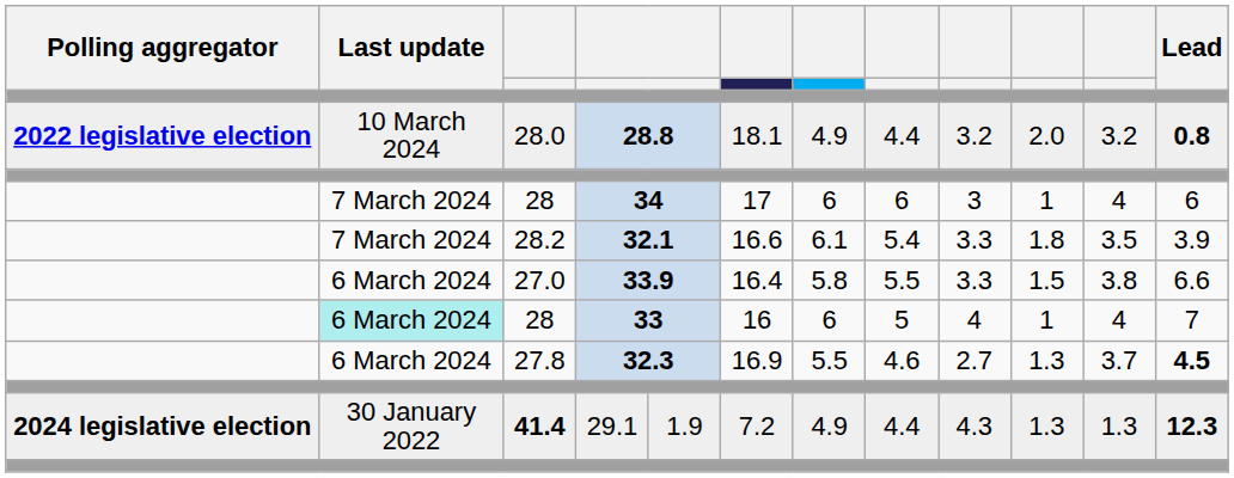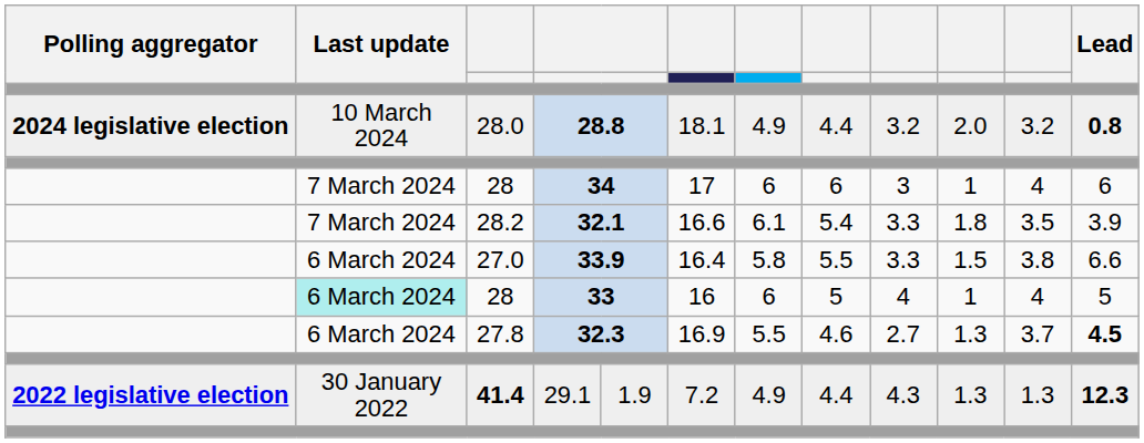 <table class="wikitable collapsible" style="text-align:center; font-size:95%; line-height:16px;">
 <tr style="height:42px;">
 <th style="width:175px;" rowspan="2">Polling aggregator</th>
 <th style="width:100px;" rowspan="2">Last update</th>
 <th class="sortable" style="width:35px;"></th>
 <th colspan="2" class="sortable" style="width:35px;"></th>
 <th class="sortable" style="width:35px;"></th>
 <th class="sortable" style="width:35px;"></th>
 <th class="sortable" style="width:35px;"></th>
 <th class="sortable" style="width:35px;"></th>
 <th class="sortable" style="width:35px;"></th>
 <th class="sortable" style="width:35px;"></th>
 <th class="unsortable" style="width:30px;" rowspan="2">Lead</th>
 </tr>
 <tr>
 <th class="sortable" style="background:"></th>
 <th colspan="2" class="unsortable" style="background:"></th>
 <th class="sortable" style="background:#202056;"></th>
 <th class="sortable" style="background:#00ADEF;"></th>
 <th class="sortable" style="background:"></th>
 <th class="sortable" style="background:"></th>
 <th class="sortable" style="background:"></th>
 <th class="sortable" style="background:"></th>
 </tr>
 <tr>
 <td colspan="12" style="background:#A0A0A0"></td>
 </tr>
 <tr style="background:#EFEFEF">
-<td><strong><a href='#'>2022 legislative election</a></strong></td>
+<td><strong>2024 legislative election</strong></td>
 <td>10 March 2024</td>
 <td>28.0<br></td>
 <td colspan="2" style="background:#CBDCEF"><strong>28.8</strong><br></td>
 <td>18.1<br></td>
 <td>4.9<br></td>
 <td>4.4<br></td>
 <td>3.2<br></td>
 <td>2.0<br></td>
 <td>3.2<br></td>
 <td style="background:"><strong>0.8</strong></td>
 </tr>
 <tr>
 <td colspan="12" style="background:#A0A0A0"></td>
 </tr>
 <tr>
 <td></td>
 <td>7 March 2024</td>
 <td>28</td>
 <td colspan="2" style="background:#CBDCEF"><strong>34</strong></td>
 <td>17</td>
 <td>6</td>
 <td>6</td>
 <td>3</td>
 <td>1</td>
 <td>4</td>
 <td style="background:">6</td>
 </tr>
 <tr>
 <td></td>
 <td>7 March 2024</td>
 <td>28.2</td>
 <td colspan="2" style="background:#CBDCEF"><strong>32.1</strong></td>
 <td>16.6</td>
 <td>6.1</td>
 <td>5.4</td>
 <td>3.3</td>
 <td>1.8</td>
 <td>3.5</td>
 <td style="background:">3.9</td>
 </tr>
 <tr>
 <td></td>
 <td>6 March 2024</td>
 <td>27.0</td>
 <td colspan="2" style="background:#CBDCEF"><strong>33.9</strong></td>
 <td>16.4</td>
 <td>5.8</td>
 <td>5.5</td>
 <td>3.3</td>
 <td>1.5</td>
 <td>3.8</td>
 <td style="background:">6.6</td>
 </tr>
 <tr>
 <td></td>
 <td style="background: paleturquoise;">6 March 2024</td>
 <td>28</td>
 <td colspan="2" style="background:#CBDCEF"><strong>33</strong></td>
 <td>16</td>
 <td>6</td>
 <td>5</td>
 <td>4</td>
 <td>1</td>
 <td>4</td>
-<td style="background:">7</td>
+<td style="background:">5</td>
 </tr>
 <tr>
 <td></td>
 <td>6 March 2024</td>
 <td>27.8</td>
 <td colspan="2" style="background:#CBDCEF"><strong>32.3</strong></td>
 <td>16.9</td>
 <td>5.5</td>
 <td>4.6</td>
 <td>2.7</td>
 <td>1.3</td>
 <td>3.7</td>
 <td style="background:"><strong>4.5</strong></td>
 </tr>
 <tr>
 <td colspan="12" style="background:#A0A0A0"></td>
 </tr>
 <tr style="background:#EFEFEF">
-<td><strong>2024 legislative election</strong></td>
+<td><strong><a href='#'>2022 legislative election</a></strong></td>
 <td>30 January 2022</td>
 <td><strong>41.4</strong><br></td>
 <td style="width:35px">29.1<br></td>
 <td style="width:35px">1.9<br></td>
 <td>7.2<br></td>
 <td>4.9<br></td>
 <td>4.4<br></td>
 <td>4.3<br></td>
 <td>1.3<br></td>
 <td>1.3<br></td>
 <td style="background:"><strong>12.3</strong></td>
 </tr>
 <tr>
 <td colspan="12" style="background:#A0A0A0"></td>
 </tr>
 </table>
